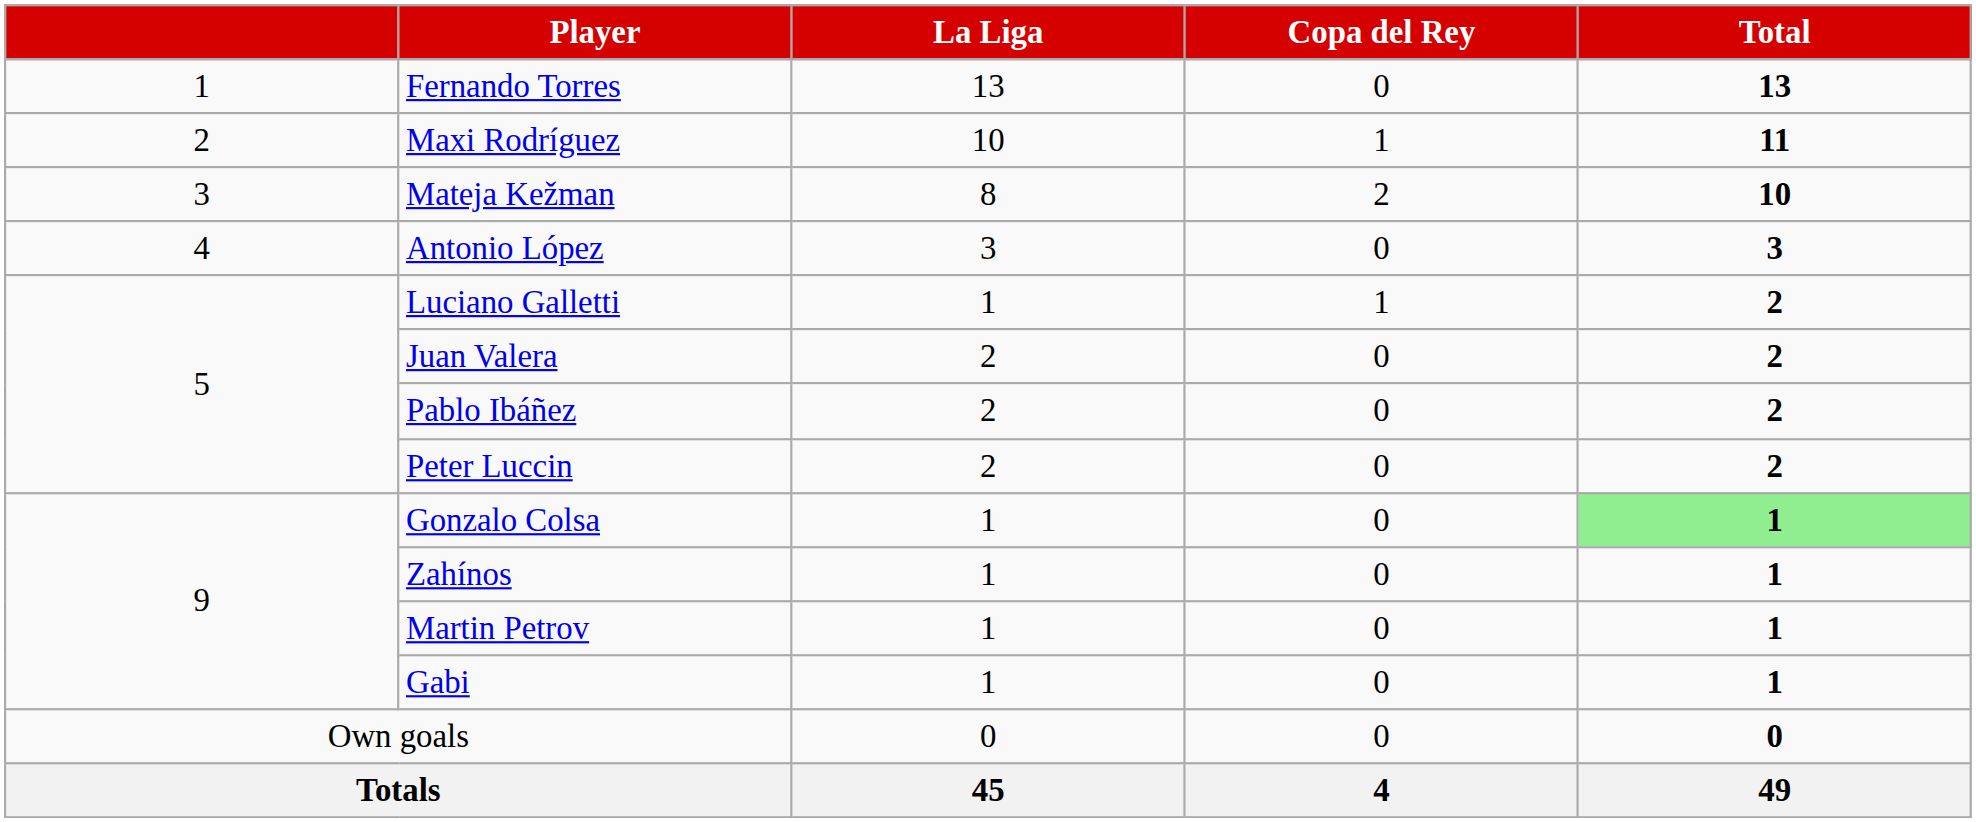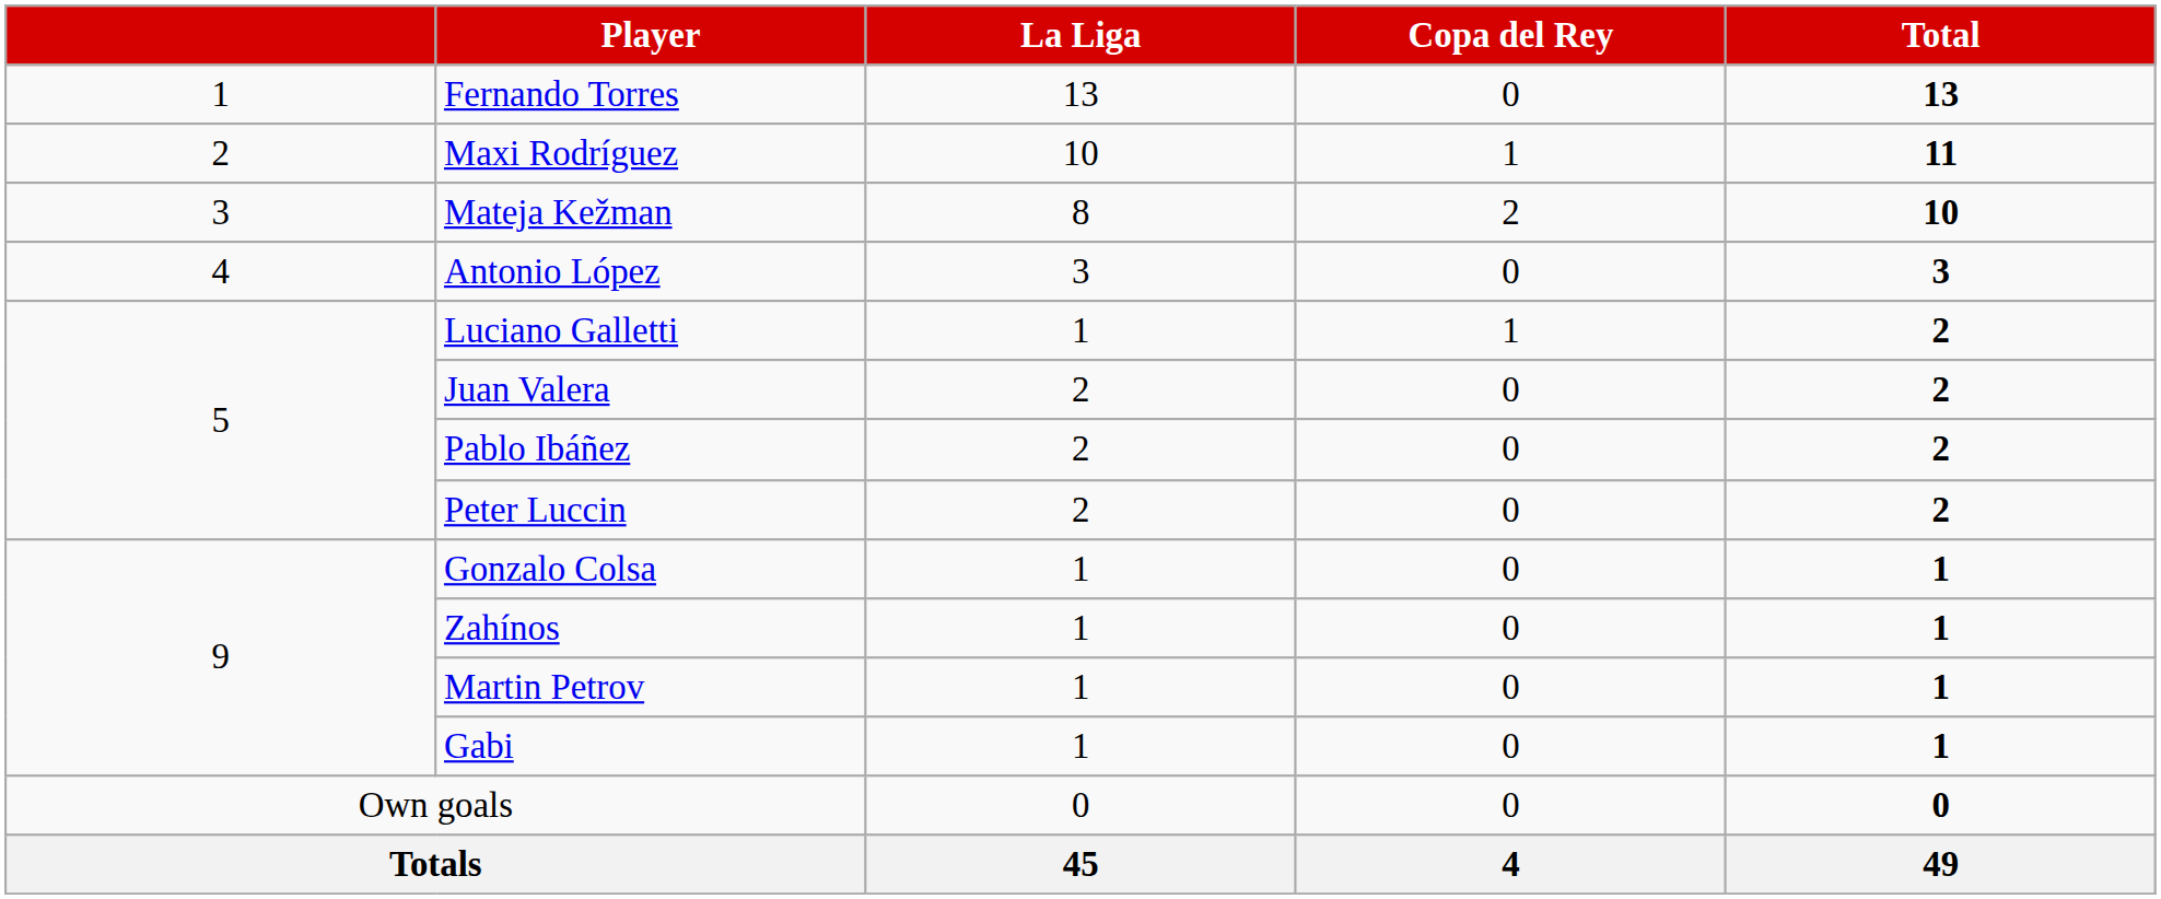 <table class="wikitable" style="font-size: 95%; text-align: center">
 <tr>
 <th style="background:#d50000; color:white; width:175px;"></th>
 <th style="background:#d50000; color:white; width:175px;">Player</th>
 <th style="background:#d50000; color:white; width:175px;">La Liga</th>
 <th style="background:#d50000; color:white; width:175px;">Copa del Rey</th>
 <th style="background:#d50000; color:white; width:175px;"><strong>Total</strong></th>
 </tr>
 <tr>
 <td>1</td>
 <td align=left> <a href='#'>Fernando Torres</a></td>
 <td>13</td>
 <td>0</td>
 <td><strong>13</strong></td>
 </tr>
 <tr>
 <td>2</td>
 <td align=left> <a href='#'>Maxi Rodríguez</a></td>
 <td>10</td>
 <td>1</td>
 <td><strong>11</strong></td>
 </tr>
 <tr>
 <td>3</td>
 <td align=left> <a href='#'>Mateja Kežman</a></td>
 <td>8</td>
 <td>2</td>
 <td><strong>10</strong></td>
 </tr>
 <tr>
 <td>4</td>
 <td align=left> <a href='#'>Antonio López</a></td>
 <td>3</td>
 <td>0</td>
 <td><strong>3</strong></td>
 </tr>
 <tr>
 <td rowspan=4>5</td>
 <td align=left> <a href='#'>Luciano Galletti</a></td>
 <td>1</td>
 <td>1</td>
 <td><strong>2</strong></td>
 </tr>
 <tr>
 <td align=left> <a href='#'>Juan Valera</a></td>
 <td>2</td>
 <td>0</td>
 <td><strong>2</strong></td>
 </tr>
 <tr>
 <td align=left> <a href='#'>Pablo Ibáñez</a></td>
 <td>2</td>
 <td>0</td>
 <td><strong>2</strong></td>
 </tr>
 <tr>
 <td align=left> <a href='#'>Peter Luccin</a></td>
 <td>2</td>
 <td>0</td>
 <td><strong>2</strong></td>
 </tr>
 <tr>
 <td rowspan=4>9</td>
 <td align=left> <a href='#'>Gonzalo Colsa</a></td>
 <td>1</td>
 <td>0</td>
-<td style="background: lightgreen;"><strong>1</strong></td>
+<td><strong>1</strong></td>
 </tr>
 <tr>
 <td align=left> <a href='#'>Zahínos</a></td>
 <td>1</td>
 <td>0</td>
 <td><strong>1</strong></td>
 </tr>
 <tr>
 <td align=left> <a href='#'>Martin Petrov</a></td>
 <td>1</td>
 <td>0</td>
 <td><strong>1</strong></td>
 </tr>
 <tr>
 <td align=left> <a href='#'>Gabi</a></td>
 <td>1</td>
 <td>0</td>
 <td><strong>1</strong></td>
 </tr>
 <tr>
 <td colspan=2>Own goals</td>
 <td>0</td>
 <td>0</td>
 <td><strong>0</strong></td>
 </tr>
 <tr>
 <th colspan=2>Totals</th>
 <th>45</th>
 <th>4</th>
 <th>49</th>
 </tr>
 </table>
